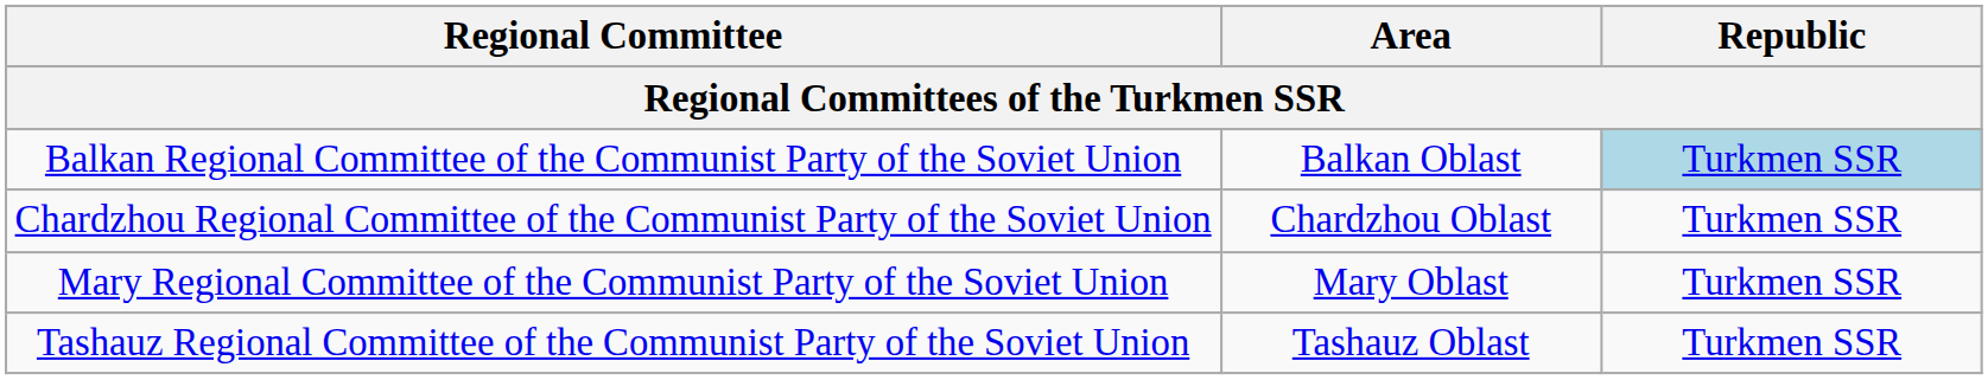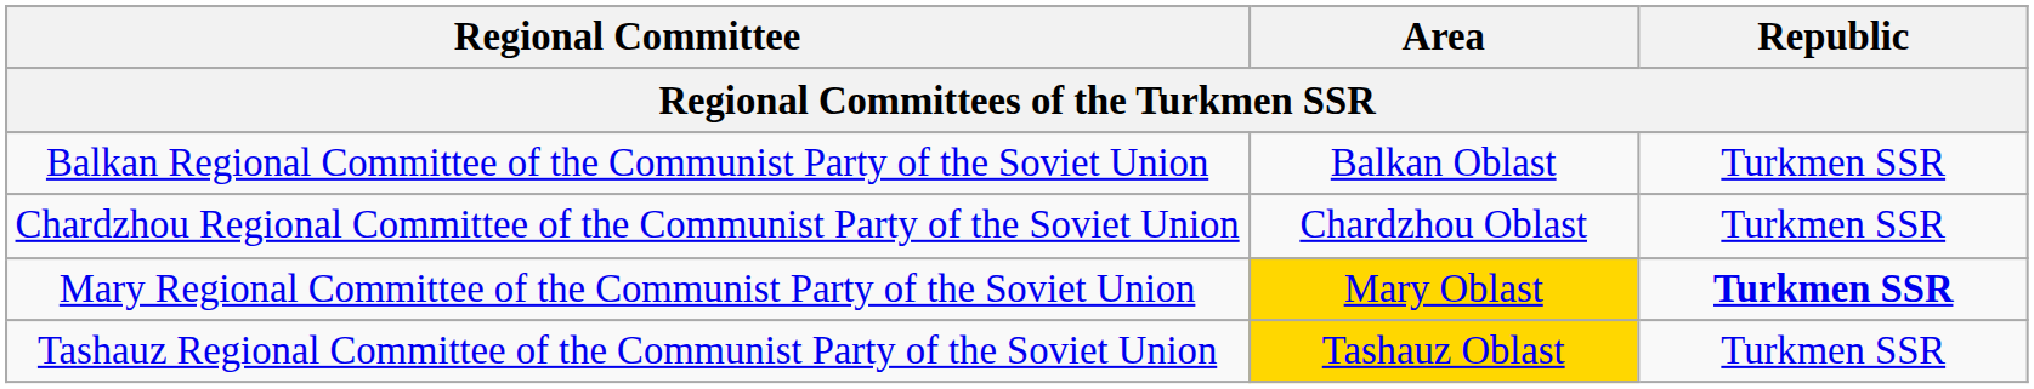 <table class="wikitable" style="text-align:center">
 <tr>
 <th>Regional Committee</th>
 <th width="150">Area</th>
 <th width="150">Republic</th>
 </tr>
 <tr>
 <th colspan="3"><strong>Regional Committees of the Turkmen SSR</strong></th>
 </tr>
 <tr>
 <td><a href='#'>Balkan Regional Committee of the Communist Party of the Soviet Union</a></td>
 <td><a href='#'>Balkan Oblast</a></td>
-<td style="background: lightblue;"> <a href='#'>Turkmen SSR</a></td>
+<td> <a href='#'>Turkmen SSR</a></td>
 </tr>
 <tr>
 <td><a href='#'>Chardzhou Regional Committee of the Communist Party of the Soviet Union</a></td>
 <td><a href='#'>Chardzhou Oblast</a></td>
 <td> <a href='#'>Turkmen SSR</a></td>
 </tr>
 <tr>
 <td><a href='#'>Mary Regional Committee of the Communist Party of the Soviet Union</a></td>
-<td><a href='#'>Mary Oblast</a></td>
-<td> <a href='#'>Turkmen SSR</a></td>
+<td style="background: gold;"><a href='#'>Mary Oblast</a></td>
+<td><strong> <a href='#'>Turkmen SSR</a></strong></td>
 </tr>
 <tr>
 <td><a href='#'>Tashauz Regional Committee of the Communist Party of the Soviet Union</a></td>
-<td><a href='#'>Tashauz Oblast</a></td>
+<td style="background: gold;"><a href='#'>Tashauz Oblast</a></td>
 <td> <a href='#'>Turkmen SSR</a></td>
 </tr>
 </table>
